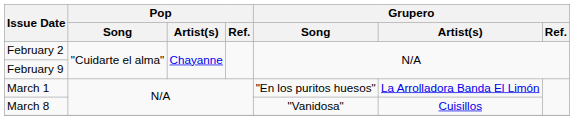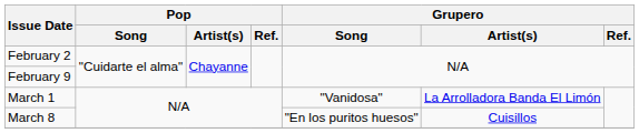 <table class="wikitable">
 <tr>
 <th style="text-align: center;" rowspan="2">Issue Date</th>
 <th style="text-align: center;" colspan="3">Pop</th>
 <th style="text-align: center;" colspan="3">Grupero</th>
 </tr>
 <tr>
 <th>Song</th>
 <th>Artist(s)</th>
 <th>Ref.</th>
 <th>Song</th>
 <th>Artist(s)</th>
 <th>Ref.</th>
 </tr>
 <tr>
 <td>February 2</td>
 <td align="center" rowspan="2">"Cuidarte el alma"</td>
 <td align="center" rowspan="2"><a href='#'>Chayanne</a></td>
 <td align="center" rowspan="2"></td>
 <td align="center" colspan="3" rowspan="2">N/A</td>
 </tr>
 <tr>
 <td>February 9</td>
 </tr>
 <tr>
 <td>March 1</td>
 <td align="center" colspan="3" rowspan="2">N/A</td>
-<td align="center">"En los puritos huesos"</td>
+<td align="center">"Vanidosa"</td>
 <td align="center"><a href='#'>La Arrolladora Banda El Limón</a></td>
 <td align="center" rowspan="2"></td>
 </tr>
 <tr>
 <td>March 8</td>
-<td align="center">"Vanidosa"</td>
+<td align="center">"En los puritos huesos"</td>
 <td align="center"><a href='#'>Cuisillos</a></td>
 </tr>
 <tr>
 </tr>
 </table>
